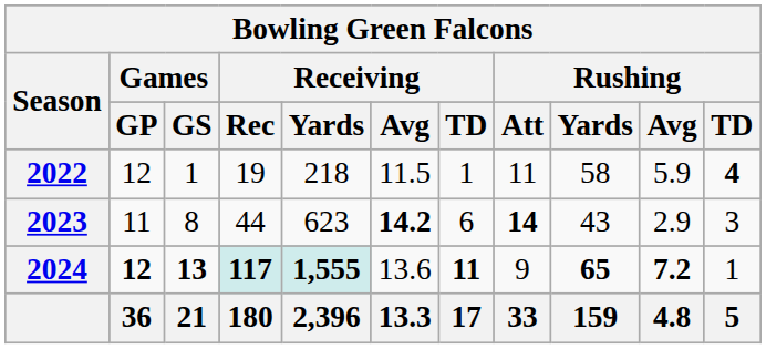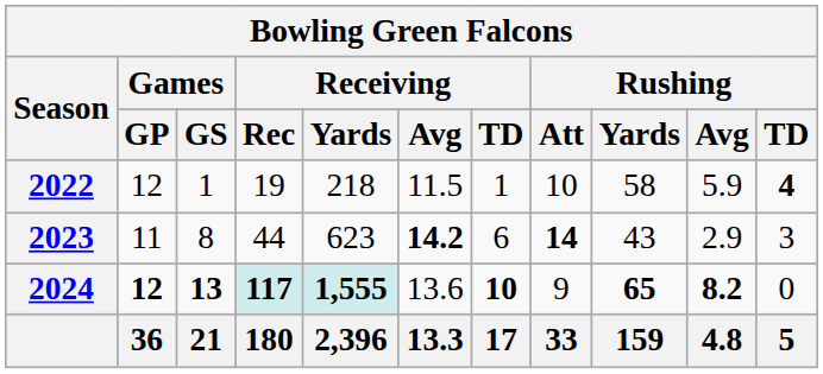 <table class="wikitable" style="text-align:center;">
 <tr>
 <th colspan="12">Bowling Green Falcons</th>
 </tr>
 <tr>
 <th rowspan="2">Season</th>
 <th colspan="2">Games</th>
 <th colspan="4">Receiving</th>
 <th colspan="4">Rushing</th>
 </tr>
 <tr>
 <th>GP</th>
 <th>GS</th>
 <th>Rec</th>
 <th>Yards</th>
 <th>Avg</th>
 <th>TD</th>
 <th>Att</th>
 <th>Yards</th>
 <th>Avg</th>
 <th>TD</th>
 </tr>
 <tr>
 <th><a href='#'>2022</a></th>
 <td>12</td>
 <td>1</td>
 <td>19</td>
 <td>218</td>
 <td>11.5</td>
 <td>1</td>
-<td>11</td>
+<td>10</td>
 <td>58</td>
 <td>5.9</td>
 <td><strong>4</strong></td>
 </tr>
 <tr>
 <th><a href='#'>2023</a></th>
 <td>11</td>
 <td>8</td>
 <td>44</td>
 <td>623</td>
 <td><strong>14.2</strong></td>
 <td>6</td>
 <td><strong>14</strong></td>
 <td>43</td>
 <td>2.9</td>
 <td>3</td>
 </tr>
 <tr>
 <th><a href='#'>2024</a></th>
 <td><strong>12</strong></td>
 <td><strong>13</strong></td>
 <td style="background:#cfecec;"><strong>117</strong></td>
 <td style="background:#cfecec;"><strong>1,555</strong></td>
 <td>13.6</td>
-<td><strong>11</strong></td>
+<td><strong>10</strong></td>
 <td>9</td>
 <td><strong>65</strong></td>
-<td><strong>7.2</strong></td>
-<td>1</td>
+<td><strong>8.2</strong></td>
+<td>0</td>
 </tr>
 <tr>
 <th></th>
 <th>36</th>
 <th>21</th>
 <th>180</th>
 <th>2,396</th>
 <th>13.3</th>
 <th>17</th>
 <th>33</th>
 <th>159</th>
 <th>4.8</th>
 <th>5</th>
 </tr>
 </table>
